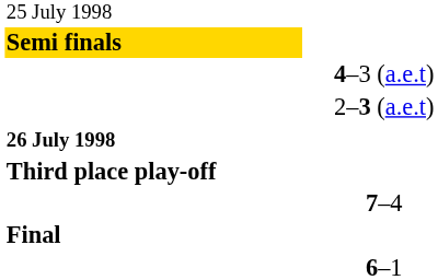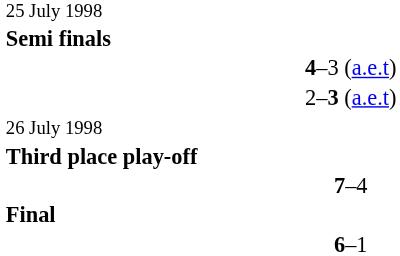 <table width=100% cellspacing=1>
 <tr>
 <th width=22%></th>
 <th width=12%></th>
 <th></th>
 </tr>
 <tr>
 <td><small>25 July 1998</small></td>
 </tr>
 <tr>
-<td style="background: gold;"><strong>Semi finals</strong></td>
+<td><strong>Semi finals</strong></td>
 </tr>
 <tr>
 <td align=right><strong></strong></td>
 <td align=center><strong>4</strong>–3 (<a href='#'>a.e.t</a>)</td>
 <td></td>
 </tr>
 <tr>
 <td align=right></td>
 <td align=center>2–<strong>3</strong> (<a href='#'>a.e.t</a>)</td>
 <td><strong></strong></td>
 </tr>
 <tr>
-<td><strong><small>26 July 1998</small></strong></td>
+<td><small>26 July 1998</small></td>
 </tr>
 <tr>
 <td><strong>Third place play-off</strong></td>
 </tr>
 <tr>
 <td align=right><strong></strong></td>
 <td align=center><strong>7</strong>–4</td>
 <td></td>
 </tr>
 <tr>
 <td><strong>Final</strong></td>
 </tr>
 <tr>
 <td align=right><strong></strong></td>
 <td align=center><strong>6</strong>–1</td>
 <td></td>
 </tr>
 </table>
